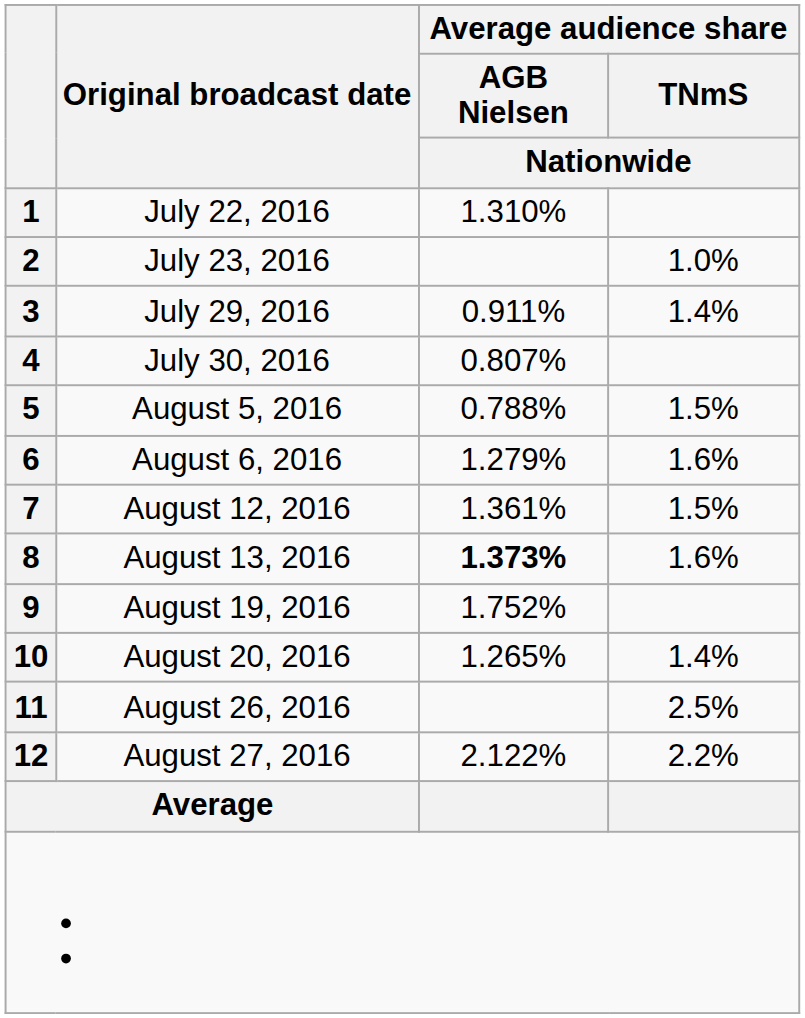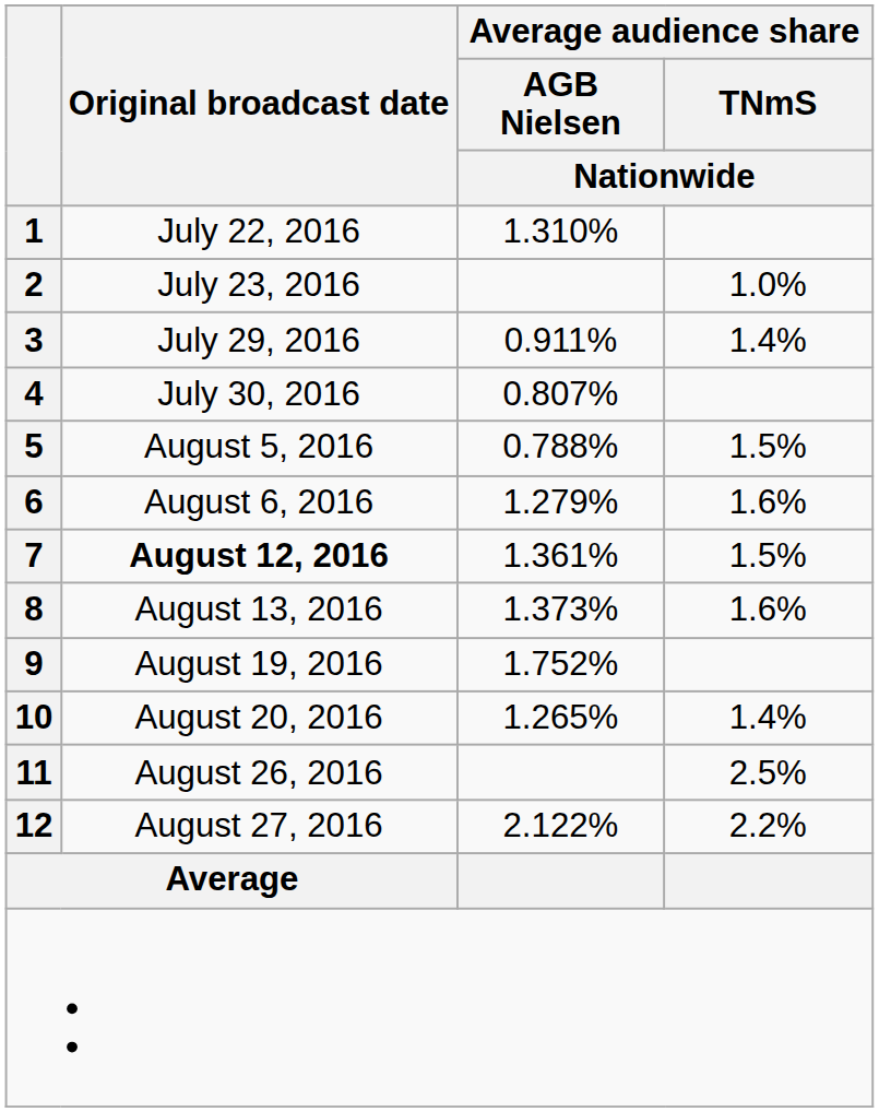 <table class="wikitable" style="text-align:center;max-width:450px; margin-left: auto; margin-right: auto; border: none;">
 <tr>
 </tr>
 <tr>
 <th rowspan="3"></th>
 <th rowspan="3">Original broadcast date</th>
 <th colspan="2">Average audience share</th>
 </tr>
 <tr>
 <th width="90">AGB Nielsen</th>
 <th width="90">TNmS</th>
 </tr>
 <tr>
 <th colspan=2>Nationwide</th>
 </tr>
 <tr>
 <th>1</th>
 <td>July 22, 2016</td>
 <td>1.310%</td>
 <td></td>
 </tr>
 <tr>
 <th>2</th>
 <td>July 23, 2016</td>
 <td></td>
 <td>1.0%</td>
 </tr>
 <tr>
 <th>3</th>
 <td>July 29, 2016</td>
 <td>0.911%</td>
 <td>1.4%</td>
 </tr>
 <tr>
 <th>4</th>
 <td>July 30, 2016</td>
 <td>0.807%</td>
 <td></td>
 </tr>
 <tr>
 <th>5</th>
 <td>August 5, 2016</td>
 <td>0.788%</td>
 <td>1.5%</td>
 </tr>
 <tr>
 <th>6</th>
 <td>August 6, 2016</td>
 <td>1.279%</td>
 <td>1.6%</td>
 </tr>
 <tr>
 <th>7</th>
-<td>August 12, 2016</td>
+<td><strong>August 12, 2016</strong></td>
 <td>1.361%</td>
 <td>1.5%</td>
 </tr>
 <tr>
 <th>8</th>
 <td>August 13, 2016</td>
-<td><strong>1.373%</strong></td>
+<td>1.373%</td>
 <td>1.6%</td>
 </tr>
 <tr>
 <th>9</th>
 <td>August 19, 2016</td>
 <td>1.752%</td>
 <td></td>
 </tr>
 <tr>
 <th>10</th>
 <td>August 20, 2016</td>
 <td>1.265%</td>
 <td>1.4%</td>
 </tr>
 <tr>
 <th>11</th>
 <td>August 26, 2016</td>
 <td></td>
 <td>2.5%</td>
 </tr>
 <tr>
 <th>12</th>
 <td>August 27, 2016</td>
 <td>2.122%</td>
 <td>2.2%</td>
 </tr>
 <tr>
 <th colspan="2">Average</th>
 <th></th>
 <th></th>
 </tr>
 <tr>
 <td colspan="6"><br><ul><li></li><li></li></ul></td>
 </tr>
 </table>
